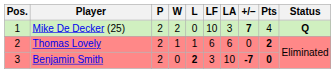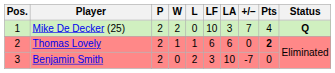 <table class="wikitable" style="text-align:center; margin: 1em auto 1em auto, align:left">
 <tr>
 <th width=20>Pos.</th>
 <th width=185>Player</th>
 <th width=20>P</th>
 <th width=20>W</th>
 <th width=20>L</th>
 <th width=20>LF</th>
 <th width=20>LA</th>
 <th width=25>+/−</th>
 <th width=20>Pts</th>
 <th width=70>Status</th>
 </tr>
 <tr style="background:#D0F0C0;">
 <td>1</td>
 <td align=left> <a href='#'>Mike De Decker</a> (25)</td>
 <td>2</td>
 <td>2</td>
 <td>0</td>
 <td>10</td>
 <td>3</td>
-<td><strong>7</strong></td>
+<td>7</td>
 <td>4</td>
 <td rowspan=1><strong>Q</strong></td>
 </tr>
 <tr style="background:#FF8888;">
 <td>2</td>
 <td align=left> <a href='#'>Thomas Lovely</a></td>
 <td>2</td>
 <td>1</td>
 <td>1</td>
 <td>6</td>
 <td>6</td>
 <td>0</td>
 <td><strong>2</strong></td>
 <td rowspan=2>Eliminated</td>
 </tr>
 <tr style="background:#FF8888;">
 <td>3</td>
 <td align=left> <a href='#'>Benjamin Smith</a></td>
 <td>2</td>
 <td>0</td>
-<td><strong>2</strong></td>
+<td>2</td>
 <td>3</td>
 <td>10</td>
-<td><strong>-7</strong></td>
-<td><strong>0</strong></td>
+<td>-7</td>
+<td>0</td>
 </tr>
 </table>
